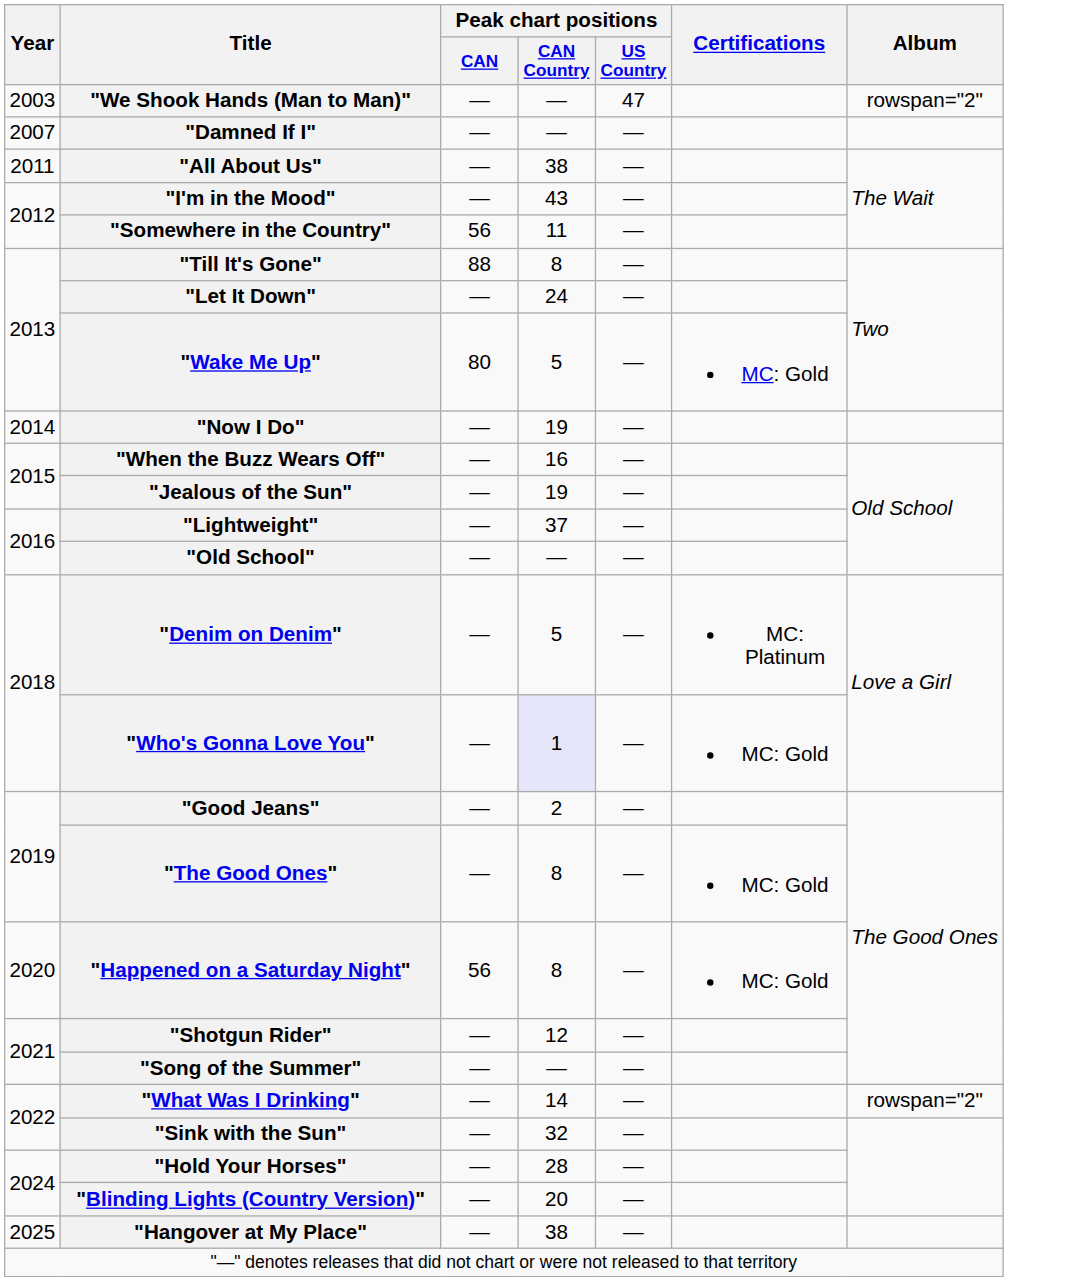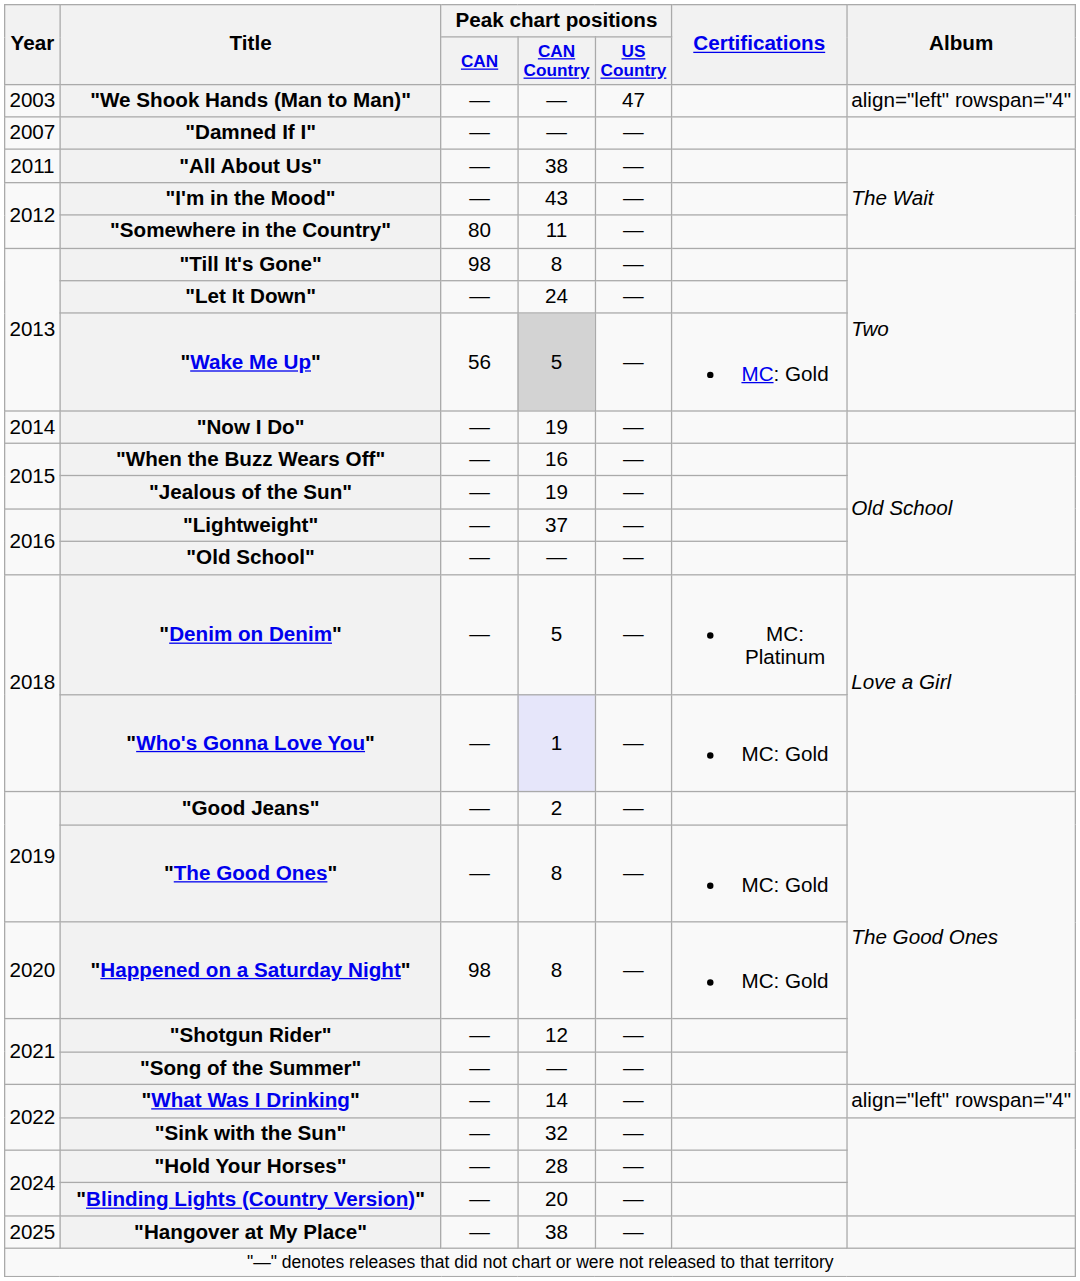 <table class="wikitable plainrowheaders" style="text-align:center;">
 <tr>
 <th scope="col" rowspan="2">Year</th>
 <th scope="col" rowspan="2" style="width:18em;">Title</th>
 <th scope="col" colspan="3">Peak chart positions</th>
 <th scope="col" rowspan="2" style="width:8em;"><a href='#'>Certifications</a></th>
 <th scope="col" rowspan="2">Album</th>
 </tr>
 <tr style="font-size:smaller;">
 <th scope="col" style="width:4em;"><a href='#'>CAN</a><br></th>
 <th scope="col" style="width:4em;"><a href='#'>CAN Country</a><br></th>
 <th scope="col" style="width:4em;"><a href='#'>US Country</a><br></th>
 </tr>
 <tr>
 <td>2003</td>
 <th scope="row">"We Shook Hands (Man to Man)"</th>
 <td>—</td>
 <td>—</td>
 <td>47</td>
 <td></td>
-<td>rowspan="2" </td>
+<td>align="left" rowspan="4" </td>
 </tr>
 <tr>
 <td>2007</td>
 <th scope="row">"Damned If I"</th>
 <td>—</td>
 <td>—</td>
 <td>—</td>
 <td></td>
 </tr>
 <tr>
 <td>2011</td>
 <th scope="row">"All About Us"</th>
 <td>—</td>
 <td>38</td>
 <td>—</td>
 <td></td>
 <td align="left" rowspan="3"><em>The Wait</em></td>
 </tr>
 <tr>
 <td rowspan="2">2012</td>
 <th scope="row">"I'm in the Mood"</th>
 <td>—</td>
 <td>43</td>
 <td>—</td>
 <td></td>
 </tr>
 <tr>
 <th scope="row">"Somewhere in the Country"</th>
-<td>56</td>
+<td>80</td>
 <td>11</td>
 <td>—</td>
 <td></td>
 </tr>
 <tr>
 <td rowspan="3">2013</td>
 <th scope="row">"Till It's Gone"</th>
-<td>88</td>
+<td>98</td>
 <td>8</td>
 <td>—</td>
 <td></td>
 <td align="left" rowspan="3"><em>Two</em></td>
 </tr>
 <tr>
 <th scope="row">"Let It Down"</th>
 <td>—</td>
 <td>24</td>
 <td>—</td>
 <td></td>
 </tr>
 <tr>
 <th scope="row">"<a href='#'>Wake Me Up</a>" </th>
-<td>80</td>
-<td>5</td>
+<td>56</td>
+<td style="background: lightgrey;">5</td>
 <td>—</td>
 <td><br><ul><li><a href='#'>MC</a>: Gold</li></ul></td>
 </tr>
 <tr>
 <td>2014</td>
 <th scope="row">"Now I Do"</th>
 <td>—</td>
 <td>19</td>
 <td>—</td>
 <td></td>
 <td></td>
 </tr>
 <tr>
 <td rowspan="2">2015</td>
 <th scope="row">"When the Buzz Wears Off"</th>
 <td>—</td>
 <td>16</td>
 <td>—</td>
 <td></td>
 <td align="left" rowspan="4"><em>Old School</em></td>
 </tr>
 <tr>
 <th scope="row">"Jealous of the Sun"</th>
 <td>—</td>
 <td>19</td>
 <td>—</td>
 <td></td>
 </tr>
 <tr>
 <td rowspan="2">2016</td>
 <th scope="row">"Lightweight"</th>
 <td>—</td>
 <td>37</td>
 <td>—</td>
 <td></td>
 </tr>
 <tr>
 <th scope="row">"Old School"</th>
 <td>—</td>
 <td>—</td>
 <td>—</td>
 <td></td>
 </tr>
 <tr>
 <td rowspan="2">2018</td>
 <th scope="row">"<a href='#'>Denim on Denim</a>"</th>
 <td>—</td>
 <td>5</td>
 <td>—</td>
 <td><br><ul><li>MC: Platinum</li></ul></td>
 <td align="left" rowspan="2"><em>Love a Girl</em></td>
 </tr>
 <tr>
 <th scope="row">"<a href='#'>Who's Gonna Love You</a>"</th>
 <td>—</td>
 <td style="background: lavender;">1</td>
 <td>—</td>
 <td><br><ul><li>MC: Gold</li></ul></td>
 </tr>
 <tr>
 <td rowspan="2">2019</td>
 <th scope="row">"Good Jeans"</th>
 <td>—</td>
 <td>2</td>
 <td>—</td>
 <td></td>
 <td align="left" rowspan="5"><em>The Good Ones</em></td>
 </tr>
 <tr>
 <th scope="row">"<a href='#'>The Good Ones</a>" </th>
 <td>—</td>
 <td>8</td>
 <td>—</td>
 <td><br><ul><li>MC: Gold</li></ul></td>
 </tr>
 <tr>
 <td>2020</td>
 <th scope="row">"<a href='#'>Happened on a Saturday Night</a>"</th>
-<td>56</td>
+<td>98</td>
 <td>8</td>
 <td>—</td>
 <td><br><ul><li>MC: Gold</li></ul></td>
 </tr>
 <tr>
 <td rowspan="2">2021</td>
 <th scope="row">"Shotgun Rider"</th>
 <td>—</td>
 <td>12</td>
 <td>—</td>
 <td></td>
 </tr>
 <tr>
 <th scope="row">"Song of the Summer" <br></th>
 <td>—</td>
 <td>—</td>
 <td>—</td>
 <td></td>
 </tr>
 <tr>
 <td rowspan="2">2022</td>
 <th scope="row">"<a href='#'>What Was I Drinking</a>"</th>
 <td>—</td>
 <td>14</td>
 <td>—</td>
 <td></td>
-<td>rowspan="2" </td>
+<td>align="left" rowspan="4" </td>
 </tr>
 <tr>
 <th scope="row">"Sink with the Sun"</th>
 <td>—</td>
 <td>32</td>
 <td>—</td>
 <td></td>
 </tr>
 <tr>
 <td rowspan="2">2024</td>
 <th scope="row">"Hold Your Horses"</th>
 <td>—</td>
 <td>28</td>
 <td>—</td>
 <td></td>
 </tr>
 <tr>
 <th scope="row">"<a href='#'>Blinding Lights (Country Version)</a>"</th>
 <td>—</td>
 <td>20</td>
 <td>—</td>
 <td></td>
 </tr>
 <tr>
 <td>2025</td>
 <th scope="row">"Hangover at My Place"<br></th>
 <td>—</td>
 <td>38</td>
 <td>—</td>
 <td></td>
 <td></td>
 </tr>
 <tr>
 <td colspan="7" style="font-size:85%">"—" denotes releases that did not chart or were not released to that territory</td>
 </tr>
 </table>
